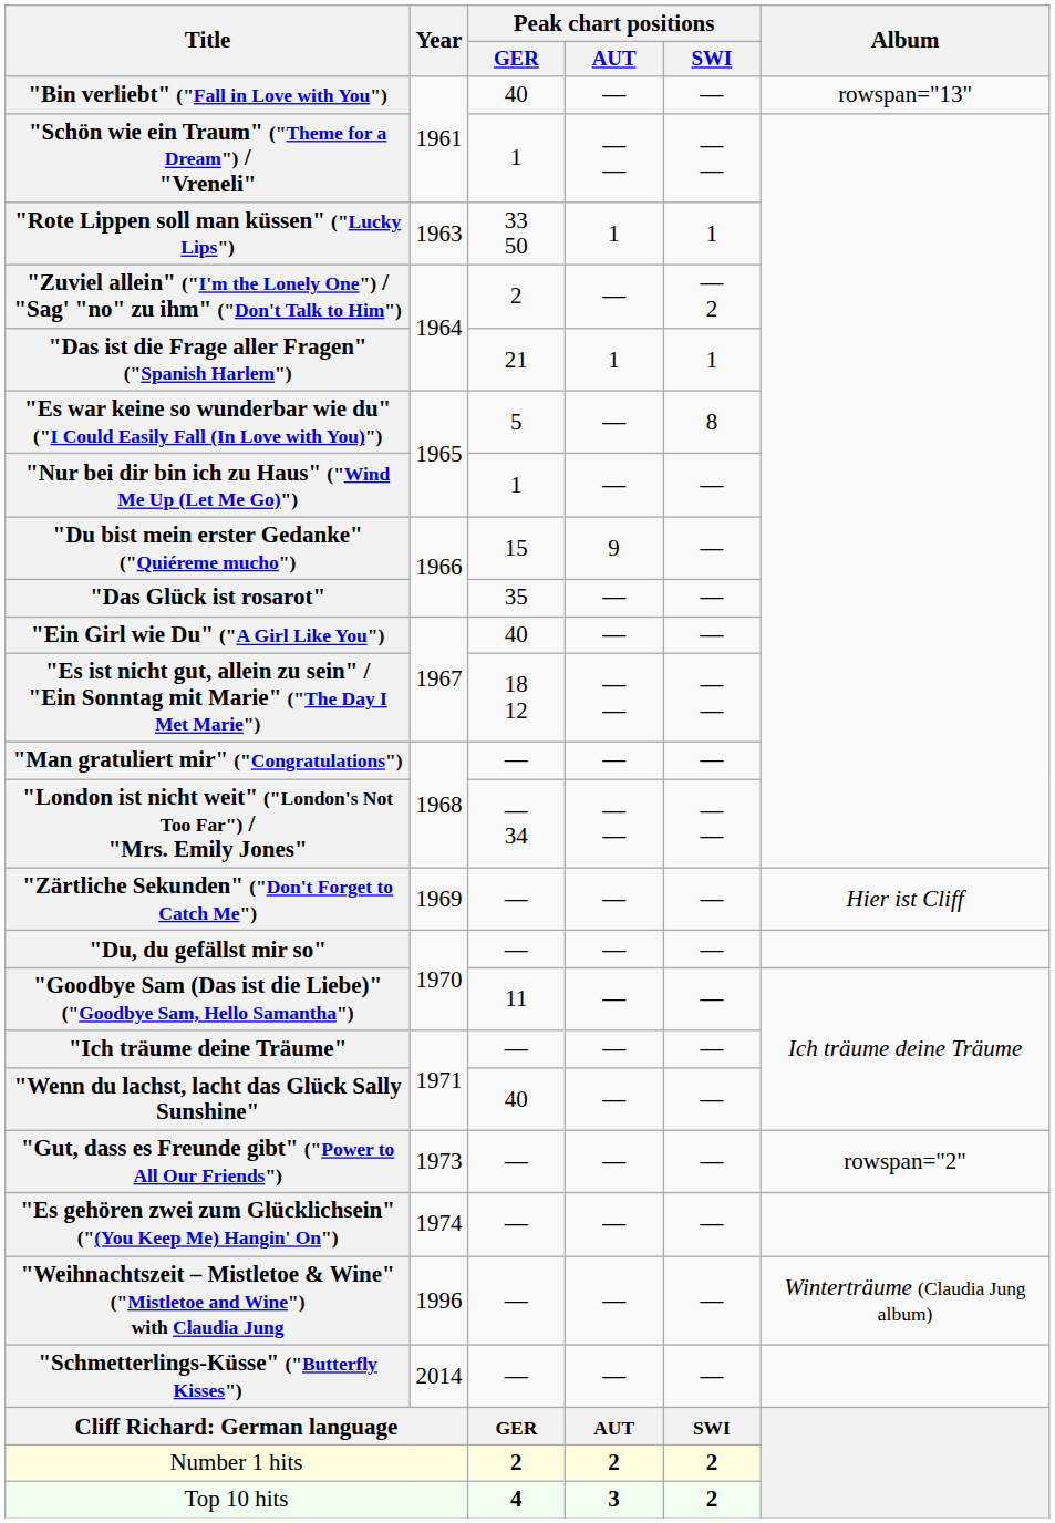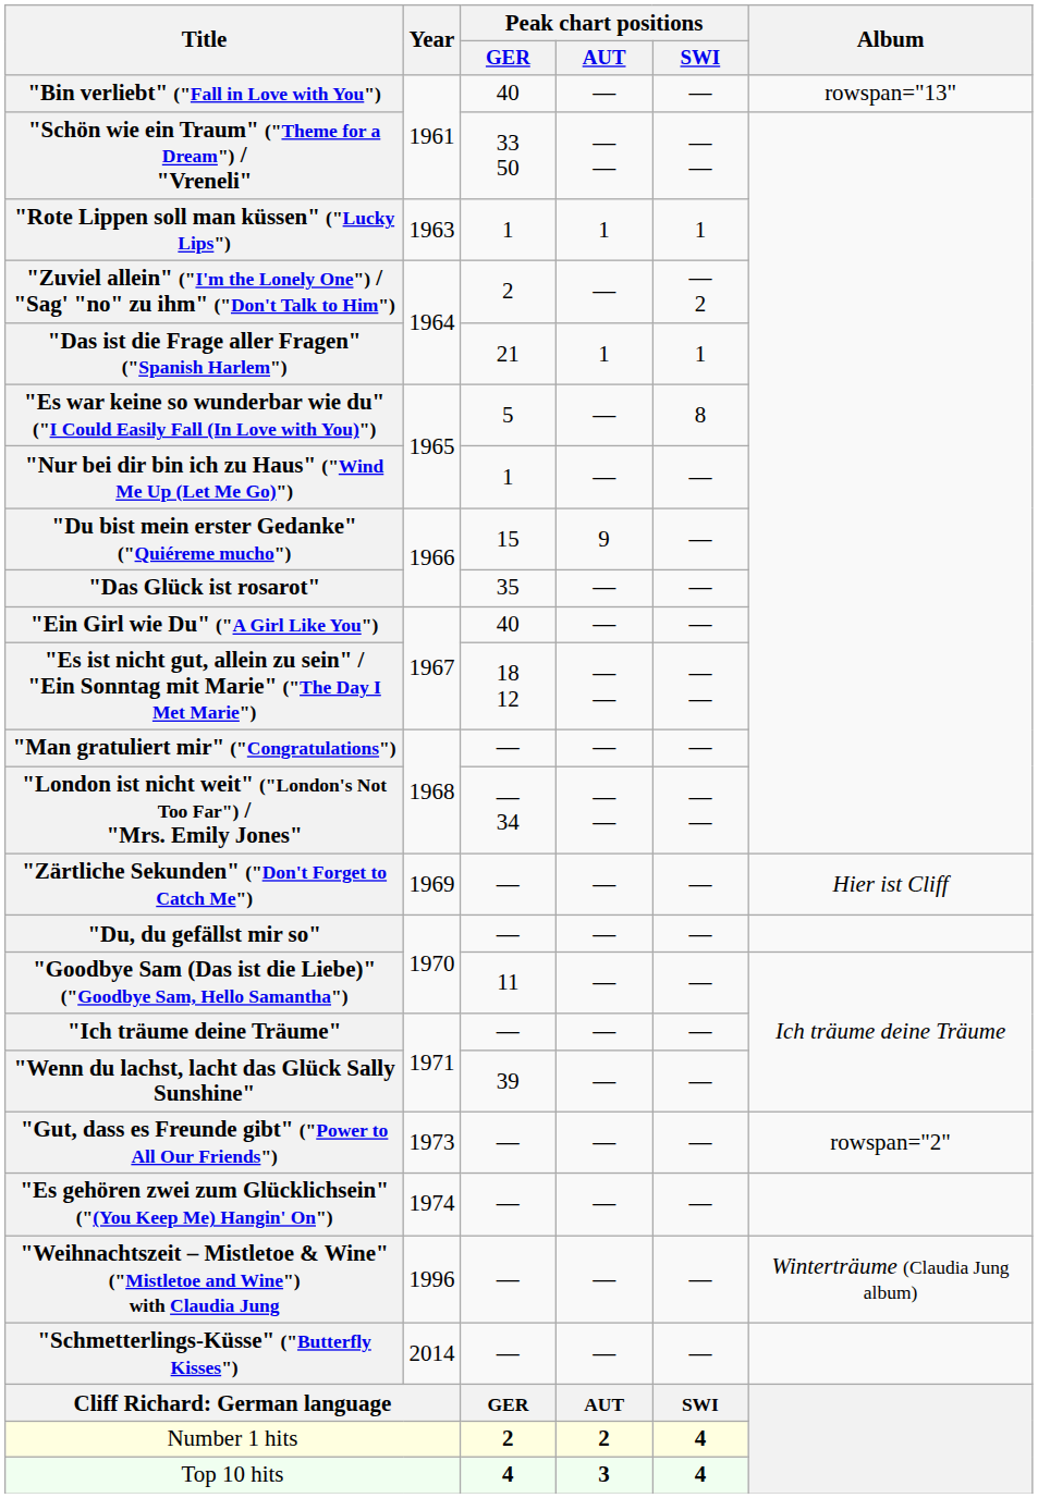 <table class="wikitable plainrowheaders" style="text-align:center;">
 <tr>
 <th rowspan="2" scope="col" style="width:17em;">Title</th>
 <th rowspan="2" scope="col" style="width:2em;">Year</th>
 <th colspan="3">Peak chart positions</th>
 <th rowspan="2" style="width:12em;">Album</th>
 </tr>
 <tr>
 <th scope="col" style="width:2em;font-size:90%;"><a href='#'>GER</a><br></th>
 <th scope="col" style="width:2em;font-size:90%;"><a href='#'>AUT</a><br></th>
 <th scope="col" style="width:2em;font-size:90%;"><a href='#'>SWI</a><br></th>
 </tr>
 <tr>
 <th scope="row">"Bin verliebt" <small>("<a href='#'>Fall in Love with You</a>")</small></th>
 <td rowspan="2">1961</td>
 <td>40</td>
 <td>—</td>
 <td>—</td>
 <td>rowspan="13" </td>
 </tr>
 <tr>
 <th scope="row">"Schön wie ein Traum" <small>("<a href='#'>Theme for a Dream</a>")</small> /<br>"Vreneli"</th>
-<td>1</td>
+<td>33<br>50</td>
 <td>—<br>—</td>
 <td>—<br>—</td>
 </tr>
 <tr>
 <th scope="row">"Rote Lippen soll man küssen" <small>("<a href='#'>Lucky Lips</a>")</small></th>
 <td>1963</td>
-<td>33<br>50</td>
+<td>1</td>
 <td>1</td>
 <td>1</td>
 </tr>
 <tr>
 <th scope="row">"Zuviel allein" <small>("<a href='#'>I'm the Lonely One</a>")</small> /<br>"Sag' "no" zu ihm" <small>("<a href='#'>Don't Talk to Him</a>")</small></th>
 <td rowspan="2">1964</td>
 <td>2</td>
 <td>—</td>
 <td>—<br>2</td>
 </tr>
 <tr>
 <th scope="row">"Das ist die Frage aller Fragen" <small>("<a href='#'>Spanish Harlem</a>")</small></th>
 <td>21</td>
 <td>1</td>
 <td>1</td>
 </tr>
 <tr>
 <th scope="row">"Es war keine so wunderbar wie du" <small>("<a href='#'>I Could Easily Fall (In Love with You)</a>")</small></th>
 <td rowspan="2">1965</td>
 <td>5</td>
 <td>—</td>
 <td>8</td>
 </tr>
 <tr>
 <th scope="row">"Nur bei dir bin ich zu Haus" <small>("<a href='#'>Wind Me Up (Let Me Go)</a>")</small></th>
 <td>1</td>
 <td>—</td>
 <td>—</td>
 </tr>
 <tr>
 <th scope="row">"Du bist mein erster Gedanke" <small>("<a href='#'>Quiéreme mucho</a>")</small></th>
 <td rowspan="2">1966</td>
 <td>15</td>
 <td>9</td>
 <td>—</td>
 </tr>
 <tr>
 <th scope="row">"Das Glück ist rosarot"</th>
 <td>35</td>
 <td>—</td>
 <td>—</td>
 </tr>
 <tr>
 <th scope="row">"Ein Girl wie Du" <small>("<a href='#'>A Girl Like You</a>")</small></th>
 <td rowspan="2">1967</td>
 <td>40</td>
 <td>—</td>
 <td>—</td>
 </tr>
 <tr>
 <th scope="row">"Es ist nicht gut, allein zu sein" /<br>"Ein Sonntag mit Marie" <small>("<a href='#'>The Day I Met Marie</a>")</small></th>
 <td>18<br>12</td>
 <td>—<br>—</td>
 <td>—<br>—</td>
 </tr>
 <tr>
 <th scope="row">"Man gratuliert mir" <small>("<a href='#'>Congratulations</a>")</small></th>
 <td rowspan="2">1968</td>
 <td>—</td>
 <td>—</td>
 <td>—</td>
 </tr>
 <tr>
 <th scope="row">"London ist nicht weit" <small>("London's Not Too Far")</small> /<br>"Mrs. Emily Jones"</th>
 <td>—<br>34</td>
 <td>—<br>—</td>
 <td>—<br>—</td>
 </tr>
 <tr>
 <th scope="row">"Zärtliche Sekunden" <small>("<a href='#'>Don't Forget to Catch Me</a>")</small></th>
 <td>1969</td>
 <td>—</td>
 <td>—</td>
 <td>—</td>
 <td><em>Hier ist Cliff</em></td>
 </tr>
 <tr>
 <th scope="row">"Du, du gefällst mir so"</th>
 <td rowspan="2">1970</td>
 <td>—</td>
 <td>—</td>
 <td>—</td>
 <td></td>
 </tr>
 <tr>
 <th scope="row">"Goodbye Sam (Das ist die Liebe)" <small>("<a href='#'>Goodbye Sam, Hello Samantha</a>")</small></th>
 <td>11</td>
 <td>—</td>
 <td>—</td>
 <td rowspan="3"><em>Ich träume deine Träume</em></td>
 </tr>
 <tr>
 <th scope="row">"Ich träume deine Träume"</th>
 <td rowspan="2">1971</td>
 <td>—</td>
 <td>—</td>
 <td>—</td>
 </tr>
 <tr>
 <th scope="row">"Wenn du lachst, lacht das Glück Sally Sunshine"</th>
-<td>40</td>
+<td>39</td>
 <td>—</td>
 <td>—</td>
 </tr>
 <tr>
 <th scope="row">"Gut, dass es Freunde gibt" <small>("<a href='#'>Power to All Our Friends</a>")</small></th>
 <td>1973</td>
 <td>—</td>
 <td>—</td>
 <td>—</td>
 <td>rowspan="2" </td>
 </tr>
 <tr>
 <th scope="row">"Es gehören zwei zum Glücklichsein" <small>("<a href='#'>(You Keep Me) Hangin' On</a>")</small></th>
 <td>1974</td>
 <td>—</td>
 <td>—</td>
 <td>—</td>
 </tr>
 <tr>
 <th scope="row">"Weihnachtszeit – Mistletoe & Wine" <small>("<a href='#'>Mistletoe and Wine</a>")</small><br><small>with <a href='#'>Claudia Jung</a></small></th>
 <td>1996</td>
 <td>—</td>
 <td>—</td>
 <td>—</td>
 <td><em>Winterträume</em> <small>(Claudia Jung album)</small></td>
 </tr>
 <tr>
 <th scope="row">"Schmetterlings-Küsse" <small>("<a href='#'>Butterfly Kisses</a>")</small></th>
 <td>2014</td>
 <td>—</td>
 <td>—</td>
 <td>—</td>
 <td></td>
 </tr>
 <tr>
 <th colspan="2" width="28">Cliff Richard: German language</th>
 <th width="60"><small>GER</small></th>
 <th width="60"><small>AUT</small></th>
 <th width="60"><small>SWI</small></th>
 <th colspan="1" rowspan="3"></th>
 </tr>
 <tr bgcolor="#FFFFE0">
 <td colspan="2" align="center" width="0">Number 1 hits</td>
 <td align="center"><strong>2</strong></td>
 <td align="center"><strong>2</strong></td>
-<td align="center"><strong>2</strong></td>
+<td align="center"><strong>4</strong></td>
 </tr>
 <tr bgcolor="#F0FFF0">
 <td colspan="2" align="center" width="0">Top 10 hits</td>
 <td align="center"><strong>4</strong></td>
 <td align="center"><strong>3</strong></td>
-<td align="center"><strong>2</strong></td>
+<td align="center"><strong>4</strong></td>
 </tr>
 </table>
